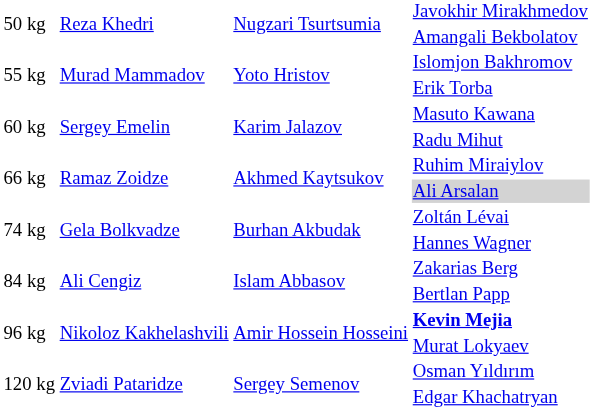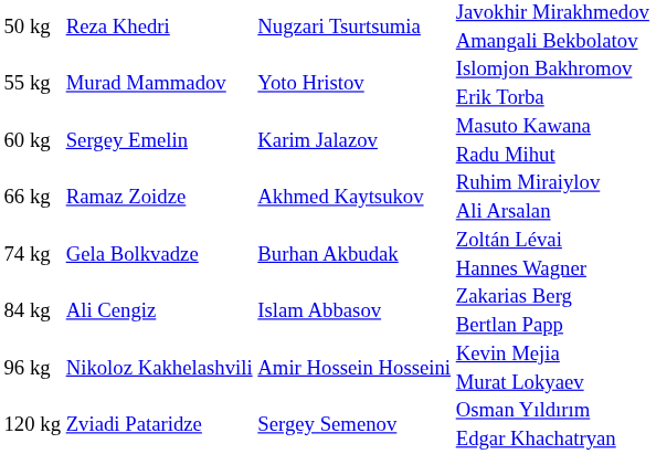 <table>
 <tr>
 <td rowspan=2>50 kg</td>
 <td rowspan=2> <a href='#'>Reza Khedri</a></td>
 <td rowspan=2> <a href='#'>Nugzari Tsurtsumia</a></td>
 <td> <a href='#'>Javokhir Mirakhmedov</a></td>
 </tr>
 <tr>
 <td> <a href='#'>Amangali Bekbolatov</a></td>
 </tr>
 <tr>
 <td rowspan=2>55 kg</td>
 <td rowspan=2> <a href='#'>Murad Mammadov</a></td>
 <td rowspan=2> <a href='#'>Yoto Hristov</a></td>
 <td> <a href='#'>Islomjon Bakhromov</a></td>
 </tr>
 <tr>
 <td> <a href='#'>Erik Torba</a></td>
 </tr>
 <tr>
 <td rowspan=2>60 kg</td>
 <td rowspan=2> <a href='#'>Sergey Emelin</a></td>
 <td rowspan=2> <a href='#'>Karim Jalazov</a></td>
 <td> <a href='#'>Masuto Kawana</a></td>
 </tr>
 <tr>
 <td> <a href='#'>Radu Mihut</a></td>
 </tr>
 <tr>
 <td rowspan=2>66 kg</td>
 <td rowspan=2> <a href='#'>Ramaz Zoidze</a></td>
 <td rowspan=2> <a href='#'>Akhmed Kaytsukov</a></td>
 <td> <a href='#'>Ruhim Miraiylov</a></td>
 </tr>
 <tr>
-<td style="background: lightgrey;"> <a href='#'>Ali Arsalan</a></td>
+<td> <a href='#'>Ali Arsalan</a></td>
 </tr>
 <tr>
 <td rowspan=2>74 kg</td>
 <td rowspan=2> <a href='#'>Gela Bolkvadze</a></td>
 <td rowspan=2> <a href='#'>Burhan Akbudak</a></td>
 <td> <a href='#'>Zoltán Lévai</a></td>
 </tr>
 <tr>
 <td> <a href='#'>Hannes Wagner</a></td>
 </tr>
 <tr>
 <td rowspan=2>84 kg</td>
 <td rowspan=2> <a href='#'>Ali Cengiz</a></td>
 <td rowspan=2> <a href='#'>Islam Abbasov</a></td>
 <td> <a href='#'>Zakarias Berg</a></td>
 </tr>
 <tr>
 <td> <a href='#'>Bertlan Papp</a></td>
 </tr>
 <tr>
 <td rowspan=2>96 kg</td>
 <td rowspan=2> <a href='#'>Nikoloz Kakhelashvili</a></td>
 <td rowspan=2> <a href='#'>Amir Hossein Hosseini</a></td>
-<td><strong> <a href='#'>Kevin Mejia</a></strong></td>
+<td> <a href='#'>Kevin Mejia</a></td>
 </tr>
 <tr>
 <td> <a href='#'>Murat Lokyaev</a></td>
 </tr>
 <tr>
 <td rowspan=2>120 kg</td>
 <td rowspan=2> <a href='#'>Zviadi Pataridze</a></td>
 <td rowspan=2> <a href='#'>Sergey Semenov</a></td>
 <td> <a href='#'>Osman Yıldırım</a></td>
 </tr>
 <tr>
 <td> <a href='#'>Edgar Khachatryan</a></td>
 </tr>
 </table>
